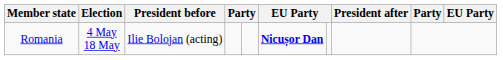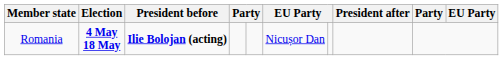 <table class="wikitable" style="text-align:center;">
 <tr>
 <th>Member state</th>
 <th>Election</th>
 <th>President before</th>
 <th colspan="2">Party</th>
 <th colspan="2">EU Party</th>
 <th>President after</th>
 <th colspan="2">Party</th>
 <th colspan="2">EU Party</th>
 </tr>
 <tr>
 <td><a href='#'>Romania</a></td>
-<td><a href='#'>4 May<br>18 May</a></td>
-<td><a href='#'>Ilie Bolojan</a> (acting)</td>
+<td><strong><a href='#'>4 May<br>18 May</a></strong></td>
+<td><strong><a href='#'>Ilie Bolojan</a> (acting)</strong></td>
 <td></td>
 <td></td>
-<td><strong><a href='#'>Nicușor Dan</a></strong></td>
+<td><a href='#'>Nicușor Dan</a></td>
 <td></td>
 <td></td>
 </tr>
 </table>
